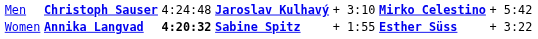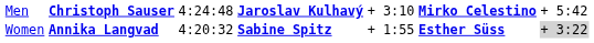 <table>
 <tr>
 <td><a href='#'>Men</a><br></td>
 <td><strong><a href='#'>Christoph Sauser</a></strong> <br> </td>
 <td>4:24:48</td>
 <td><strong><a href='#'>Jaroslav Kulhavý</a></strong> <br> </td>
 <td>+ 3:10</td>
 <td><strong><a href='#'>Mirko Celestino</a></strong> <br> </td>
 <td>+ 5:42</td>
 </tr>
 <tr>
 <td><a href='#'>Women</a><br></td>
 <td><strong><a href='#'>Annika Langvad</a></strong> <br> </td>
-<td><strong>4:20:32</strong></td>
+<td>4:20:32</td>
 <td><strong><a href='#'>Sabine Spitz</a></strong> <br> </td>
 <td>+ 1:55</td>
 <td><strong><a href='#'>Esther Süss</a></strong> <br> </td>
-<td>+ 3:22</td>
+<td style="background: lightgrey;">+ 3:22</td>
 </tr>
 <tr>
 </tr>
 </table>
